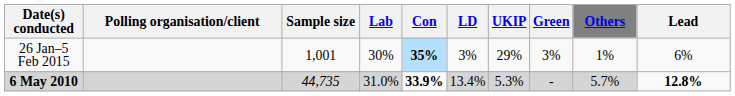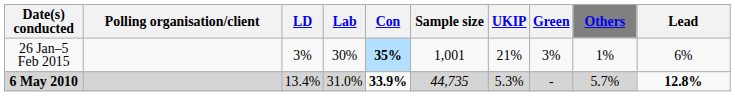 <table class="wikitable sortable" style="text-align:center;font-size:90%;line-height:14px">
 <tr>
 <th ! style="width:75px;">Date(s)<br>conducted</th>
 <th style="width:200px;">Polling organisation/client</th>
-<th class="unsortable" style="width:75px;">Sample size</th>
+<th class="unsortable" style="background:"><a href='#'><span>LD</span></a></th>
 <th class="unsortable" style="background:"><a href='#'><span>Lab</span></a></th>
 <th class="unsortable" style="background:"><a href='#'><span>Con</span></a></th>
-<th class="unsortable" style="background:"><a href='#'><span>LD</span></a></th>
+<th class="unsortable" style="width:75px;">Sample size</th>
 <th class="unsortable" style="background:"><a href='#'><span>UKIP</span></a></th>
 <th class="unsortable" style="background:"><a href='#'><span>Green</span></a></th>
 <th class="unsortable" style="background:gray; width:60px;"><a href='#'><span>Others</span></a></th>
 <th class="unsortable" style="width:90px;">Lead</th>
 </tr>
 <tr>
 <td>26 Jan–5 Feb 2015</td>
 <td> </td>
-<td>1,001</td>
+<td>3%</td>
 <td>30%</td>
 <td style="background:#B3E0FF"><strong>35%</strong></td>
-<td>3%</td>
-<td>29%</td>
+<td>1,001</td>
+<td>21%</td>
 <td>3%</td>
 <td>1%</td>
 <td style="background:">6%</td>
 </tr>
 <tr>
 <td style="background:#D5D5D5"><strong>6 May 2010</strong></td>
 <td style="background:#D5D5D5"></td>
-<td style="background:#D5D5D5"><em>44,735</em></td>
+<td style="background:#D5D5D5">13.4%</td>
 <td style="background:#D5D5D5">31.0%</td>
 <td style="background:"><strong>33.9%</strong></td>
-<td style="background:#D5D5D5">13.4%</td>
+<td style="background:#D5D5D5"><em>44,735</em></td>
 <td style="background:#D5D5D5">5.3%</td>
 <td style="background:#D5D5D5">-</td>
 <td style="background:#D5D5D5">5.7%</td>
 <td style="background:"><strong>12.8% </strong></td>
 </tr>
 </table>
